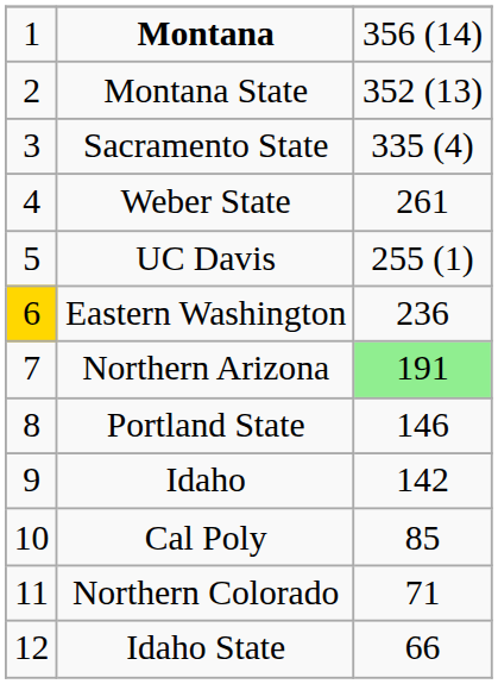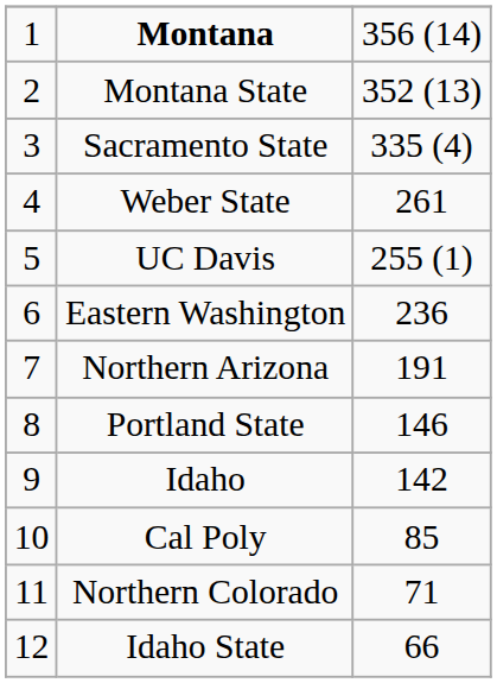 <table class="wikitable" style="display: inline-table;">
 <tr align="center">
 </tr>
 <tr align="center">
 <td>1</td>
 <td><strong>Montana</strong></td>
 <td>356 (14)</td>
 </tr>
 <tr align="center">
 <td>2</td>
 <td>Montana State</td>
 <td>352 (13)</td>
 </tr>
 <tr align="center">
 <td>3</td>
 <td>Sacramento State</td>
 <td>335 (4)</td>
 </tr>
 <tr align="center">
 <td>4</td>
 <td>Weber State</td>
 <td>261</td>
 </tr>
 <tr align="center">
 <td>5</td>
 <td>UC Davis</td>
 <td>255 (1)</td>
 </tr>
 <tr align="center">
-<td style="background: gold;">6</td>
+<td>6</td>
 <td>Eastern Washington</td>
 <td>236</td>
 </tr>
 <tr align="center">
 <td>7</td>
 <td>Northern Arizona</td>
-<td style="background: lightgreen;">191</td>
+<td>191</td>
 </tr>
 <tr align="center">
 <td>8</td>
 <td>Portland State</td>
 <td>146</td>
 </tr>
 <tr align="center">
 <td>9</td>
 <td>Idaho</td>
 <td>142</td>
 </tr>
 <tr align="center">
 <td>10</td>
 <td>Cal Poly</td>
 <td>85</td>
 </tr>
 <tr align="center">
 <td>11</td>
 <td>Northern Colorado</td>
 <td>71</td>
 </tr>
 <tr align="center">
 <td>12</td>
 <td>Idaho State</td>
 <td>66</td>
 </tr>
 </table>
